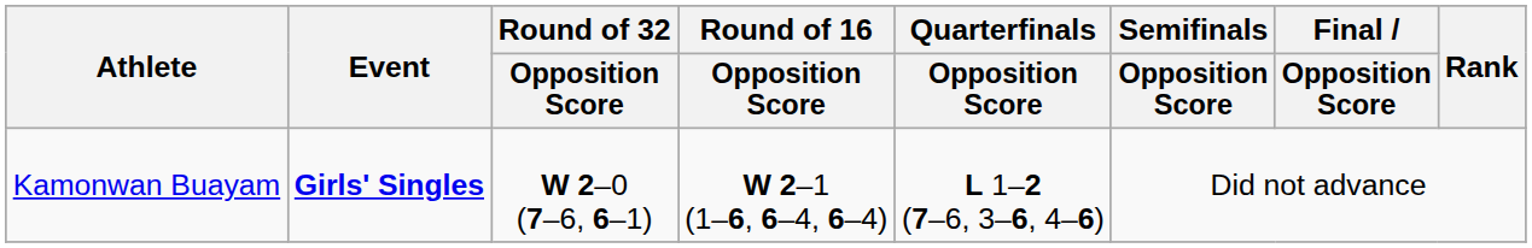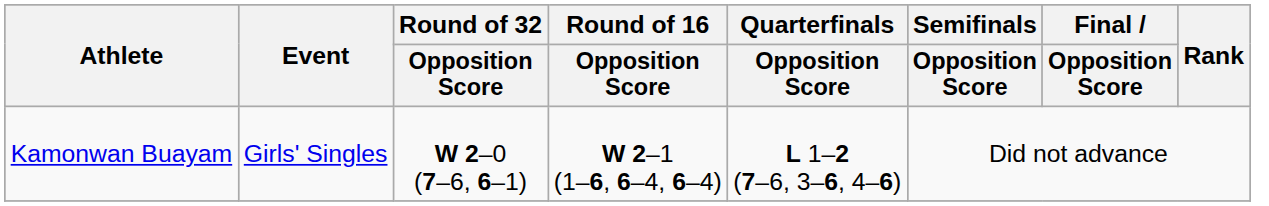 <table class=wikitable style="font-size:90%">
 <tr>
 <th rowspan="2">Athlete</th>
 <th rowspan="2">Event</th>
 <th>Round of 32</th>
 <th>Round of 16</th>
 <th>Quarterfinals</th>
 <th>Semifinals</th>
 <th>Final / </th>
 <th rowspan=2>Rank</th>
 </tr>
 <tr style="font-size:95%">
 <th>Opposition<br>Score</th>
 <th>Opposition<br>Score</th>
 <th>Opposition<br>Score</th>
 <th>Opposition<br>Score</th>
 <th>Opposition<br>Score</th>
 </tr>
 <tr align=center>
 <td align=left><a href='#'>Kamonwan Buayam</a></td>
-<td align=left><strong><a href='#'>Girls' Singles</a></strong></td>
+<td align=left><a href='#'>Girls' Singles</a></td>
 <td align=center><br><strong>W</strong> <strong>2</strong>–0<br> (<strong>7</strong>–6, <strong>6</strong>–1)</td>
 <td align=center><br><strong>W</strong> <strong>2</strong>–1<br> (1–<strong>6</strong>, <strong>6</strong>–4, <strong>6</strong>–4)</td>
 <td align=center><br><strong>L</strong> 1–<strong>2</strong><br> (<strong>7</strong>–6, 3–<strong>6</strong>, 4–<strong>6</strong>)</td>
 <td colspan=3 align=center>Did not advance</td>
 </tr>
 </table>
